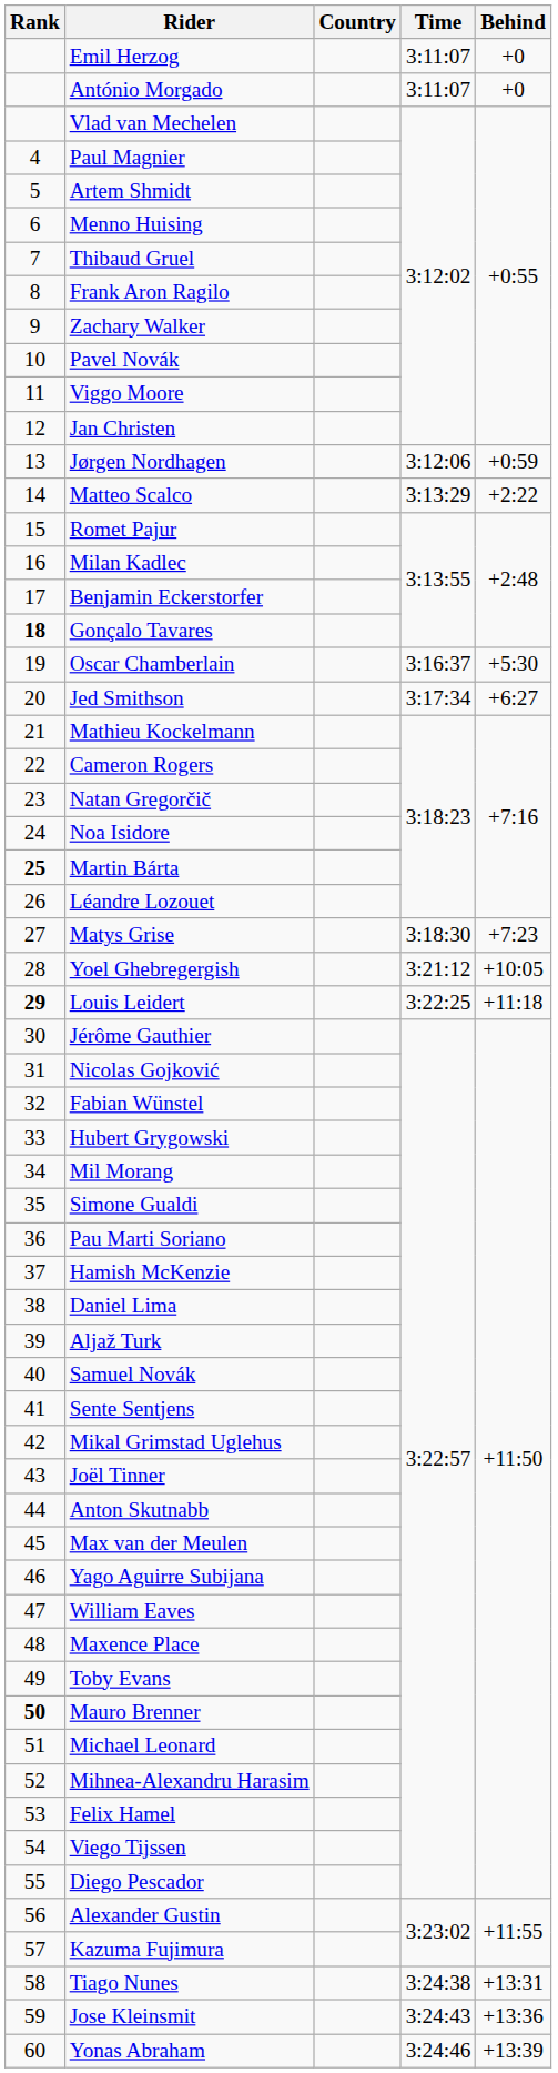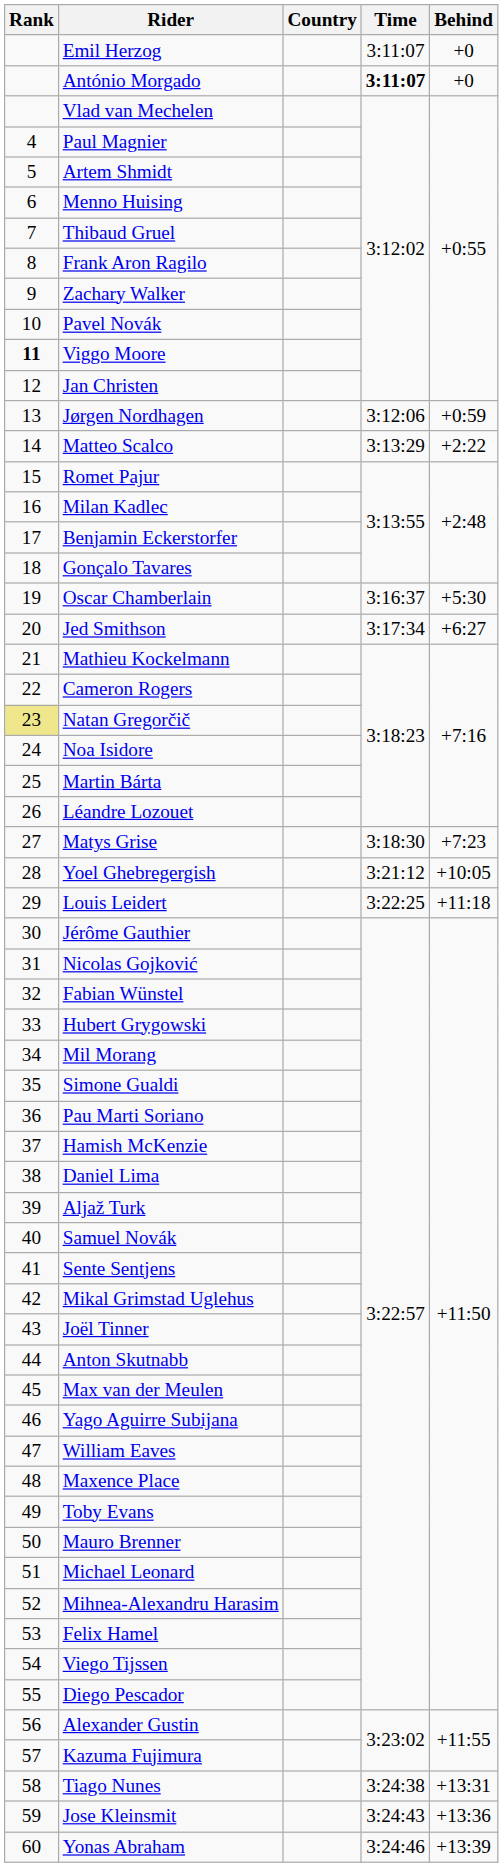 <table class="wikitable sortable" style="text-align: center"">
 <tr>
 <th>Rank</th>
 <th>Rider</th>
 <th>Country</th>
 <th>Time</th>
 <th>Behind</th>
 </tr>
 <tr>
 <td></td>
 <td align="left"><a href='#'>Emil Herzog</a></td>
 <td align="left"></td>
 <td>3:11:07</td>
 <td>+0</td>
 </tr>
 <tr>
 <td></td>
 <td align="left"><a href='#'>António Morgado</a></td>
 <td align="left"></td>
-<td>3:11:07</td>
+<td><strong>3:11:07</strong></td>
 <td>+0</td>
 </tr>
 <tr>
 <td></td>
 <td align="left"><a href='#'>Vlad van Mechelen</a></td>
 <td align="left"></td>
 <td rowspan=10>3:12:02</td>
 <td rowspan=10>+0:55</td>
 </tr>
 <tr>
 <td>4</td>
 <td align="left"><a href='#'>Paul Magnier</a></td>
 <td align="left"></td>
 </tr>
 <tr>
 <td>5</td>
 <td align="left"><a href='#'>Artem Shmidt</a></td>
 <td align="left"></td>
 </tr>
 <tr>
 <td>6</td>
 <td align="left"><a href='#'>Menno Huising</a></td>
 <td align="left"></td>
 </tr>
 <tr>
 <td>7</td>
 <td align="left"><a href='#'>Thibaud Gruel</a></td>
 <td align="left"></td>
 </tr>
 <tr>
 <td>8</td>
 <td align="left"><a href='#'>Frank Aron Ragilo</a></td>
 <td align="left"></td>
 </tr>
 <tr>
 <td>9</td>
 <td align="left"><a href='#'>Zachary Walker</a></td>
 <td align="left"></td>
 </tr>
 <tr>
 <td>10</td>
 <td align="left"><a href='#'>Pavel Novák</a></td>
 <td align="left"></td>
 </tr>
 <tr>
-<td>11</td>
+<td><strong>11</strong></td>
 <td align="left"><a href='#'>Viggo Moore</a></td>
 <td align="left"></td>
 </tr>
 <tr>
 <td>12</td>
 <td align="left"><a href='#'>Jan Christen</a></td>
 <td align="left"></td>
 </tr>
 <tr>
 <td>13</td>
 <td align="left"><a href='#'>Jørgen Nordhagen</a></td>
 <td align="left"></td>
 <td>3:12:06</td>
 <td>+0:59</td>
 </tr>
 <tr>
 <td>14</td>
 <td align="left"><a href='#'>Matteo Scalco</a></td>
 <td align="left"></td>
 <td>3:13:29</td>
 <td>+2:22</td>
 </tr>
 <tr>
 <td>15</td>
 <td align="left"><a href='#'>Romet Pajur</a></td>
 <td align="left"></td>
 <td rowspan=4>3:13:55</td>
 <td rowspan=4>+2:48</td>
 </tr>
 <tr>
 <td>16</td>
 <td align="left"><a href='#'>Milan Kadlec</a></td>
 <td align="left"></td>
 </tr>
 <tr>
 <td>17</td>
 <td align="left"><a href='#'>Benjamin Eckerstorfer</a></td>
 <td align="left"></td>
 </tr>
 <tr>
-<td><strong>18</strong></td>
+<td>18</td>
 <td align="left"><a href='#'>Gonçalo Tavares</a></td>
 <td align="left"></td>
 </tr>
 <tr>
 <td>19</td>
 <td align="left"><a href='#'>Oscar Chamberlain</a></td>
 <td align="left"></td>
 <td>3:16:37</td>
 <td>+5:30</td>
 </tr>
 <tr>
 <td>20</td>
 <td align="left"><a href='#'>Jed Smithson</a></td>
 <td align="left"></td>
 <td>3:17:34</td>
 <td>+6:27</td>
 </tr>
 <tr>
 <td>21</td>
 <td align="left"><a href='#'>Mathieu Kockelmann</a></td>
 <td align="left"></td>
 <td rowspan=6>3:18:23</td>
 <td rowspan=6>+7:16</td>
 </tr>
 <tr>
 <td>22</td>
 <td align="left"><a href='#'>Cameron Rogers</a></td>
 <td align="left"></td>
 </tr>
 <tr>
-<td>23</td>
+<td style="background: khaki;">23</td>
 <td align="left"><a href='#'>Natan Gregorčič</a></td>
 <td align="left"></td>
 </tr>
 <tr>
 <td>24</td>
 <td align="left"><a href='#'>Noa Isidore</a></td>
 <td align="left"></td>
 </tr>
 <tr>
-<td><strong>25</strong></td>
+<td>25</td>
 <td align="left"><a href='#'>Martin Bárta </a></td>
 <td align="left"></td>
 </tr>
 <tr>
 <td>26</td>
 <td align="left"><a href='#'>Léandre Lozouet</a></td>
 <td align="left"></td>
 </tr>
 <tr>
 <td>27</td>
 <td align="left"><a href='#'>Matys Grise</a></td>
 <td align="left"></td>
 <td>3:18:30</td>
 <td>+7:23</td>
 </tr>
 <tr>
 <td>28</td>
 <td align="left"><a href='#'>Yoel Ghebregergish</a></td>
 <td align="left"></td>
 <td>3:21:12</td>
 <td>+10:05</td>
 </tr>
 <tr>
-<td><strong>29</strong></td>
+<td>29</td>
 <td align="left"><a href='#'>Louis Leidert</a></td>
 <td align="left"></td>
 <td>3:22:25</td>
 <td>+11:18</td>
 </tr>
 <tr>
 <td>30</td>
 <td align="left"><a href='#'>Jérôme Gauthier</a></td>
 <td align="left"></td>
 <td rowspan=26>3:22:57</td>
 <td rowspan=26>+11:50</td>
 </tr>
 <tr>
 <td>31</td>
 <td align="left"><a href='#'>Nicolas Gojković</a></td>
 <td align="left"></td>
 </tr>
 <tr>
 <td>32</td>
 <td align="left"><a href='#'>Fabian Wünstel</a></td>
 <td align="left"></td>
 </tr>
 <tr>
 <td>33</td>
 <td align="left"><a href='#'>Hubert Grygowski</a></td>
 <td align="left"></td>
 </tr>
 <tr>
 <td>34</td>
 <td align="left"><a href='#'>Mil Morang</a></td>
 <td align="left"></td>
 </tr>
 <tr>
 <td>35</td>
 <td align="left"><a href='#'>Simone Gualdi</a></td>
 <td align="left"></td>
 </tr>
 <tr>
 <td>36</td>
 <td align="left"><a href='#'>Pau Marti Soriano</a></td>
 <td align="left"></td>
 </tr>
 <tr>
 <td>37</td>
 <td align="left"><a href='#'>Hamish McKenzie</a></td>
 <td align="left"></td>
 </tr>
 <tr>
 <td>38</td>
 <td align="left"><a href='#'>Daniel Lima</a></td>
 <td align="left"></td>
 </tr>
 <tr>
 <td>39</td>
 <td align="left"><a href='#'>Aljaž Turk</a></td>
 <td align="left"></td>
 </tr>
 <tr>
 <td>40</td>
 <td align="left"><a href='#'>Samuel Novák</a></td>
 <td align="left"></td>
 </tr>
 <tr>
 <td>41</td>
 <td align="left"><a href='#'>Sente Sentjens</a></td>
 <td align="left"></td>
 </tr>
 <tr>
 <td>42</td>
 <td align="left"><a href='#'>Mikal Grimstad Uglehus</a></td>
 <td align="left"></td>
 </tr>
 <tr>
 <td>43</td>
 <td align="left"><a href='#'>Joël Tinner</a></td>
 <td align="left"></td>
 </tr>
 <tr>
 <td>44</td>
 <td align="left"><a href='#'>Anton Skutnabb</a></td>
 <td align="left"></td>
 </tr>
 <tr>
 <td>45</td>
 <td align="left"><a href='#'>Max van der Meulen</a></td>
 <td align="left"></td>
 </tr>
 <tr>
 <td>46</td>
 <td align="left"><a href='#'>Yago Aguirre Subijana</a></td>
 <td align="left"></td>
 </tr>
 <tr>
 <td>47</td>
 <td align="left"><a href='#'>William Eaves</a></td>
 <td align="left"></td>
 </tr>
 <tr>
 <td>48</td>
 <td align="left"><a href='#'>Maxence Place</a></td>
 <td align="left"></td>
 </tr>
 <tr>
 <td>49</td>
 <td align="left"><a href='#'>Toby Evans</a></td>
 <td align="left"></td>
 </tr>
 <tr>
-<td><strong>50</strong></td>
+<td>50</td>
 <td align="left"><a href='#'>Mauro Brenner</a></td>
 <td align="left"></td>
 </tr>
 <tr>
 <td>51</td>
 <td align="left"><a href='#'>Michael Leonard</a></td>
 <td align="left"></td>
 </tr>
 <tr>
 <td>52</td>
 <td align="left"><a href='#'>Mihnea-Alexandru Harasim</a></td>
 <td align="left"></td>
 </tr>
 <tr>
 <td>53</td>
 <td align="left"><a href='#'>Felix Hamel</a></td>
 <td align="left"></td>
 </tr>
 <tr>
 <td>54</td>
 <td align="left"><a href='#'>Viego Tijssen</a></td>
 <td align="left"></td>
 </tr>
 <tr>
 <td>55</td>
 <td align="left"><a href='#'>Diego Pescador</a></td>
 <td align="left"></td>
 </tr>
 <tr>
 <td>56</td>
 <td align="left"><a href='#'>Alexander Gustin</a></td>
 <td align="left"></td>
 <td rowspan=2>3:23:02</td>
 <td rowspan=2>+11:55</td>
 </tr>
 <tr>
 <td>57</td>
 <td align="left"><a href='#'>Kazuma Fujimura</a></td>
 <td align="left"></td>
 </tr>
 <tr>
 <td>58</td>
 <td align="left"><a href='#'>Tiago Nunes</a></td>
 <td align="left"></td>
 <td>3:24:38</td>
 <td>+13:31</td>
 </tr>
 <tr>
 <td>59</td>
 <td align="left"><a href='#'>Jose Kleinsmit</a></td>
 <td align="left"></td>
 <td>3:24:43</td>
 <td>+13:36</td>
 </tr>
 <tr>
 <td>60</td>
 <td align="left"><a href='#'>Yonas Abraham</a></td>
 <td align="left"></td>
 <td>3:24:46</td>
 <td>+13:39</td>
 </tr>
 </table>
